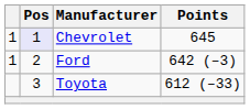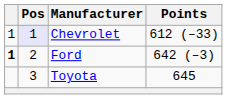 <table class="wikitable" style="font-size: 95%">
 <tr>
 <th></th>
 <th>Pos</th>
 <th>Manufacturer</th>
 <th>Points</th>
 </tr>
 <tr>
 <td align="left"> 1</td>
 <td style="background: lavender; text-align:center;">1</td>
 <td><a href='#'>Chevrolet</a></td>
-<td style="text-align:center;">645</td>
+<td style="text-align:center;">612 (–33)</td>
 </tr>
 <tr>
-<td align="left"> 1</td>
+<td align="left"><strong> 1</strong></td>
 <td style="text-align:center;">2</td>
 <td><a href='#'>Ford</a></td>
 <td style="text-align:center;">642 (–3)</td>
 </tr>
 <tr>
 <td align="left"></td>
 <td style="text-align:center;">3</td>
 <td><a href='#'>Toyota</a></td>
-<td style="text-align:center;">612 (–33)</td>
+<td style="text-align:center;">645</td>
 </tr>
 <tr class="sortbottom">
 <th colspan="9"></th>
 </tr>
 </table>
